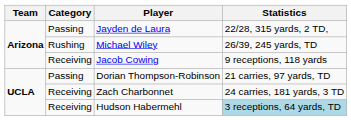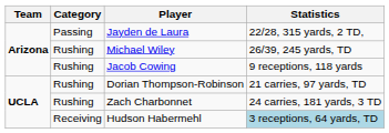 <table class="wikitable" style="float: right;">
 <tr>
 <th>Team</th>
 <th>Category</th>
 <th>Player</th>
 <th>Statistics</th>
 </tr>
 <tr>
 <td rowspan=3><strong>Arizona</strong></td>
 <td>Passing</td>
 <td><a href='#'>Jayden de Laura</a></td>
 <td>22/28, 315 yards, 2 TD,</td>
 </tr>
 <tr>
 <td>Rushing</td>
 <td><a href='#'>Michael Wiley</a></td>
 <td>26/39, 245 yards, TD</td>
 </tr>
 <tr>
-<td>Receiving</td>
+<td>Rushing</td>
 <td><a href='#'>Jacob Cowing</a></td>
 <td>9 receptions, 118 yards</td>
 </tr>
 <tr>
 <td rowspan=3><strong>UCLA</strong></td>
-<td>Passing</td>
+<td>Rushing</td>
 <td>Dorian Thompson-Robinson</td>
 <td>21 carries, 97 yards, TD</td>
 </tr>
 <tr>
-<td>Receiving</td>
+<td>Rushing</td>
 <td>Zach Charbonnet</td>
 <td>24 carries, 181 yards, 3 TD</td>
 </tr>
 <tr>
 <td>Receiving</td>
 <td>Hudson Habermehl</td>
 <td style="background: lightblue;">3 receptions, 64 yards, TD</td>
 </tr>
 </table>
